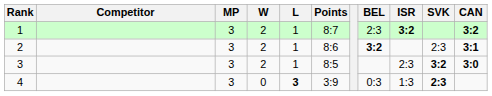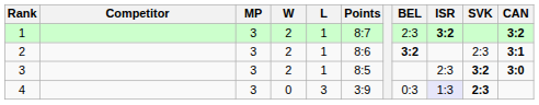 <table class="wikitable" style="text-align:center">
 <tr>
 <th>Rank</th>
 <th style="width:16em">Competitor</th>
 <th style="width:2.5em">MP</th>
 <th style="width:2.5em">W</th>
 <th style="width:2.5em">L</th>
 <th>Points</th>
 <th rowspan="5"> </th>
 <th style="width:2.5em">BEL</th>
 <th style="width:2.5em">ISR</th>
 <th style="width:2.5em">SVK</th>
 <th style="width:2.5em">CAN</th>
 </tr>
 <tr style="background:#cfc;">
 <td>1</td>
 <td style="text-align:left"></td>
 <td>3</td>
 <td>2</td>
 <td>1</td>
 <td>8:7</td>
 <td>2:3</td>
 <td><strong>3:2</strong></td>
 <td></td>
 <td><strong>3:2</strong></td>
 </tr>
 <tr>
 <td>2</td>
 <td style="text-align:left"></td>
 <td>3</td>
 <td>2</td>
 <td>1</td>
 <td>8:6</td>
 <td><strong>3:2</strong></td>
 <td></td>
 <td>2:3</td>
 <td><strong>3:1</strong></td>
 </tr>
 <tr>
 <td>3</td>
 <td style="text-align:left"></td>
 <td>3</td>
 <td>2</td>
 <td>1</td>
 <td>8:5</td>
 <td></td>
 <td>2:3</td>
 <td><strong>3:2</strong></td>
 <td><strong>3:0</strong></td>
 </tr>
 <tr>
 <td>4</td>
 <td style="text-align:left"></td>
 <td>3</td>
 <td>0</td>
-<td><strong>3</strong></td>
+<td>3</td>
 <td>3:9</td>
 <td>0:3</td>
-<td>1:3</td>
+<td style="background: lavender;">1:3</td>
 <td><strong>2:3</strong></td>
 <td></td>
 </tr>
 </table>
